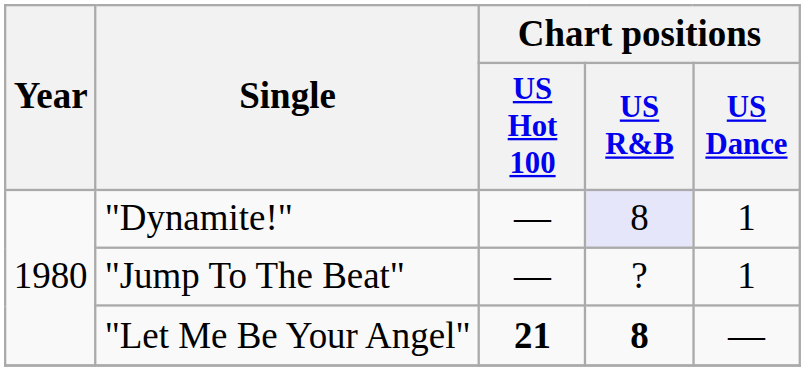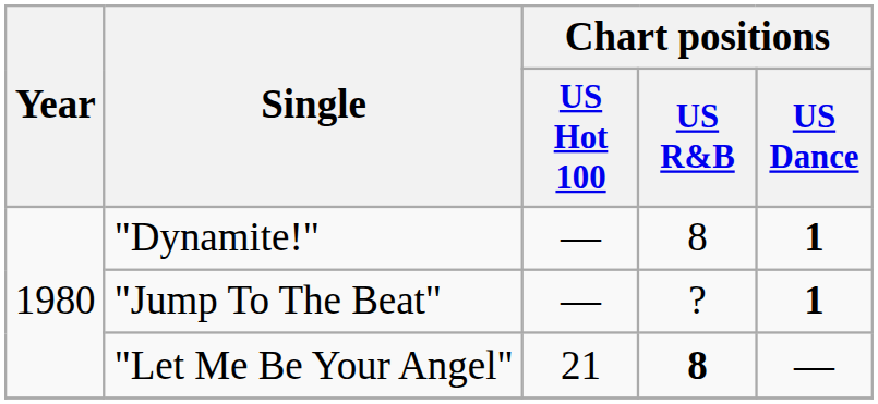 <table class="wikitable" style="text-align:center;">
 <tr>
 <th rowspan="2">Year</th>
 <th rowspan="2">Single</th>
 <th colspan="3">Chart positions</th>
 </tr>
 <tr style="font-size:smaller;">
 <th width="40"><a href='#'>US<br>Hot 100</a></th>
 <th width="40"><a href='#'>US<br>R&B</a></th>
 <th width="40"><a href='#'>US<br>Dance</a></th>
 </tr>
 <tr>
 <td rowspan="3">1980</td>
 <td align="left">"Dynamite!"</td>
 <td>—</td>
-<td style="background: lavender;">8</td>
-<td>1</td>
+<td>8</td>
+<td><strong>1</strong></td>
 </tr>
 <tr>
 <td align="left">"Jump To The Beat"</td>
 <td>—</td>
 <td>?</td>
-<td>1</td>
+<td><strong>1</strong></td>
 </tr>
 <tr>
 <td align="left">"Let Me Be Your Angel"</td>
-<td><strong>21</strong></td>
+<td>21</td>
 <td><strong>8</strong></td>
 <td>—</td>
 </tr>
 <tr>
 </tr>
 </table>
